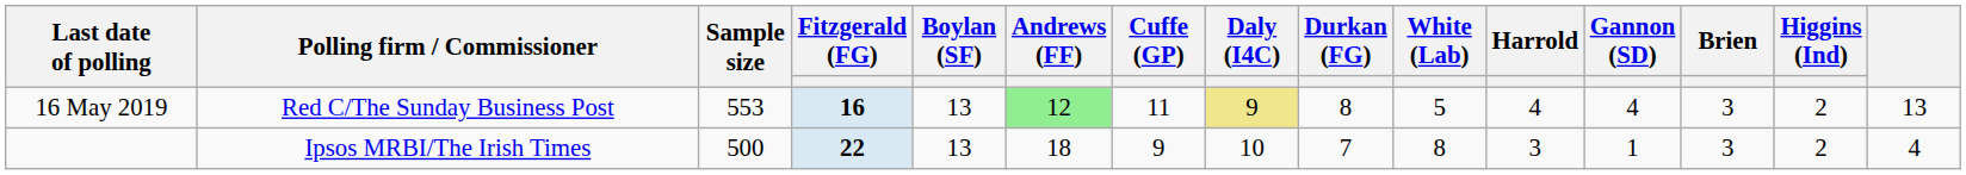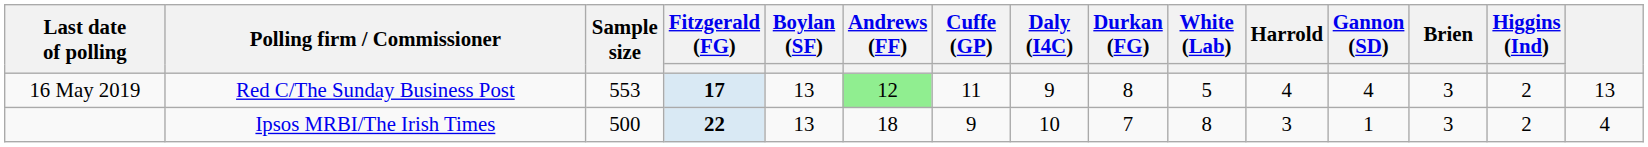 <table class="wikitable sortable collapsible" style="text-align:center;font-size:95%;">
 <tr style="height:42px;">
 <th style="width:110px;" rowspan="2">Last date<br>of polling</th>
 <th style="width:300px;" rowspan="2">Polling firm / Commissioner</th>
 <th class="unsortable" style="width:50px;" rowspan="2">Sample<br>size</th>
 <th class="unsortable" style="width:50px;"><a href='#'>Fitzgerald</a> (<a href='#'>FG</a>)</th>
 <th class="unsortable" style="width:50px;"><a href='#'>Boylan</a> (<a href='#'>SF</a>)</th>
 <th class="unsortable" style="width:50px;"><a href='#'>Andrews</a> (<a href='#'>FF</a>)</th>
 <th class="unsortable" style="width:50px;"><a href='#'>Cuffe</a> (<a href='#'>GP</a>)</th>
 <th class="unsortable" style="width:50px;"><a href='#'>Daly</a> (<a href='#'>I4C</a>)</th>
 <th class="unsortable" style="width:50px;"><a href='#'>Durkan</a> (<a href='#'>FG</a>)</th>
 <th class="unsortable" style="width:50px;"><a href='#'>White</a> (<a href='#'>Lab</a>)</th>
 <th class="unsortable" style="width:50px;">Harrold </th>
 <th class="unsortable" style="width:50px;"><a href='#'>Gannon</a> (<a href='#'>SD</a>)</th>
 <th class="unsortable" style="width:50px;">Brien </th>
 <th class="unsortable" style="width:50px;"><a href='#'>Higgins</a> (<a href='#'>Ind</a>)</th>
 <th class="unsortable" style="width:50px;" rowspan="2"></th>
 </tr>
 <tr>
 <th style="color:inherit;background:"></th>
 <th style="color:inherit;background:"></th>
 <th style="color:inherit;background:"></th>
 <th style="color:inherit;background:"></th>
 <th style="color:inherit;background:"></th>
 <th style="color:inherit;background:"></th>
 <th style="color:inherit;background:"></th>
 <th style="color:inherit;background:"></th>
 <th style="color:inherit;background:"></th>
 <th style="color:inherit;background:"></th>
 <th style="color:inherit;background:"></th>
 </tr>
 <tr>
 <td>16 May 2019</td>
 <td data-sort-value="RedC1"><a href='#'>Red C/The Sunday Business Post</a></td>
 <td>553</td>
-<td style="background:#D9E9F4"><strong>16</strong></td>
+<td style="background:#D9E9F4"><strong>17</strong></td>
 <td>13</td>
 <td style="background: lightgreen;">12</td>
 <td>11</td>
-<td style="background: khaki;">9</td>
+<td>9</td>
 <td>8</td>
 <td>5</td>
 <td>4</td>
 <td>4</td>
 <td>3</td>
 <td>2</td>
 <td>13</td>
 </tr>
 <tr>
 <td></td>
 <td data-sort-value="IpsosMRBI1"><a href='#'>Ipsos MRBI/The Irish Times</a></td>
 <td>500</td>
 <td style="background:#D9E9F4"><strong>22</strong></td>
 <td>13</td>
 <td>18</td>
 <td>9</td>
 <td>10</td>
 <td>7</td>
 <td>8</td>
 <td>3</td>
 <td>1</td>
 <td>3</td>
 <td>2</td>
 <td>4</td>
 </tr>
 </table>
